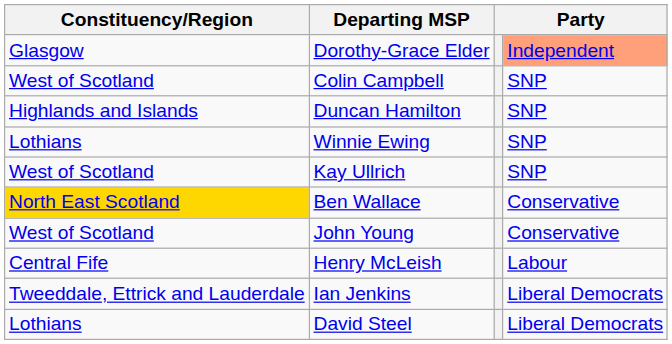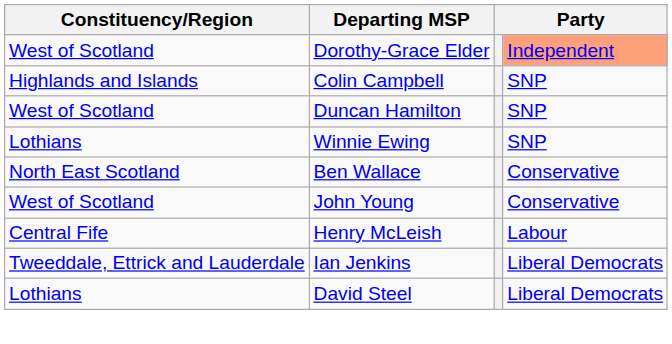 <table class="wikitable">
 <tr>
 <th>Constituency/Region</th>
 <th>Departing MSP</th>
 <th colspan="2">Party</th>
 </tr>
 <tr>
-<td><a href='#'>Glasgow</a></td>
+<td><a href='#'>West of Scotland</a></td>
 <td><a href='#'>Dorothy-Grace Elder</a></td>
 <th style="background-color: "></th>
 <td style="background: lightsalmon;"><a href='#'>Independent</a></td>
 </tr>
 <tr>
-<td><a href='#'>West of Scotland</a></td>
+<td><a href='#'>Highlands and Islands</a></td>
 <td><a href='#'>Colin Campbell</a></td>
 <th style="background-color: "></th>
 <td><a href='#'>SNP</a></td>
 </tr>
 <tr>
-<td><a href='#'>Highlands and Islands</a></td>
+<td><a href='#'>West of Scotland</a></td>
 <td><a href='#'>Duncan Hamilton</a></td>
 <th style="background-color: "></th>
 <td><a href='#'>SNP</a></td>
 </tr>
 <tr>
 <td><a href='#'>Lothians</a></td>
 <td><a href='#'>Winnie Ewing</a></td>
 <th style="background-color: "></th>
 <td><a href='#'>SNP</a></td>
 </tr>
 <tr>
-<td><a href='#'>West of Scotland</a></td>
-<td><a href='#'>Kay Ullrich</a></td>
-<th style="background-color: "></th>
-<td><a href='#'>SNP</a></td>
-</tr>
-<tr>
-<td style="background: gold;"><a href='#'>North East Scotland</a></td>
+<td><a href='#'>North East Scotland</a></td>
 <td><a href='#'>Ben Wallace</a></td>
 <th style="background-color: "></th>
 <td><a href='#'>Conservative</a></td>
 </tr>
 <tr>
 <td><a href='#'>West of Scotland</a></td>
 <td><a href='#'>John Young</a></td>
 <th style="background-color: "></th>
 <td><a href='#'>Conservative</a></td>
 </tr>
 <tr>
 <td><a href='#'>Central Fife</a></td>
 <td><a href='#'>Henry McLeish</a></td>
 <th style="background-color: "></th>
 <td><a href='#'>Labour</a></td>
 </tr>
 <tr>
 <td><a href='#'>Tweeddale, Ettrick and Lauderdale</a></td>
 <td><a href='#'>Ian Jenkins</a></td>
 <th style="background-color: "></th>
 <td><a href='#'>Liberal Democrats</a></td>
 </tr>
 <tr>
 <td><a href='#'>Lothians</a></td>
 <td><a href='#'>David Steel</a></td>
 <th style="background-color: "></th>
 <td><a href='#'>Liberal Democrats</a></td>
 </tr>
 </table>
